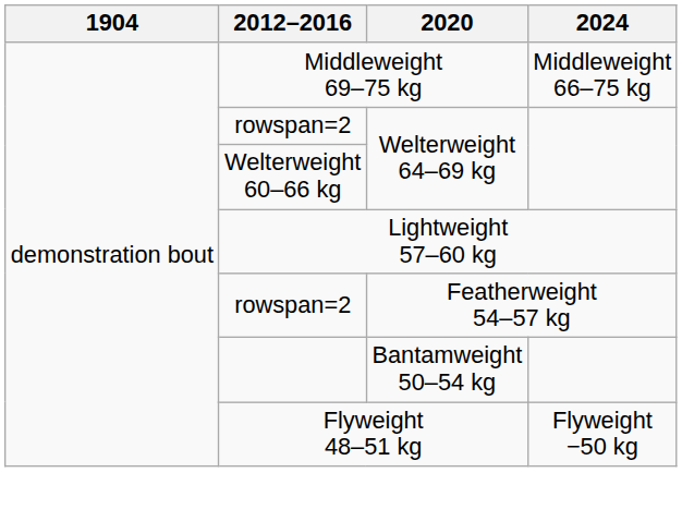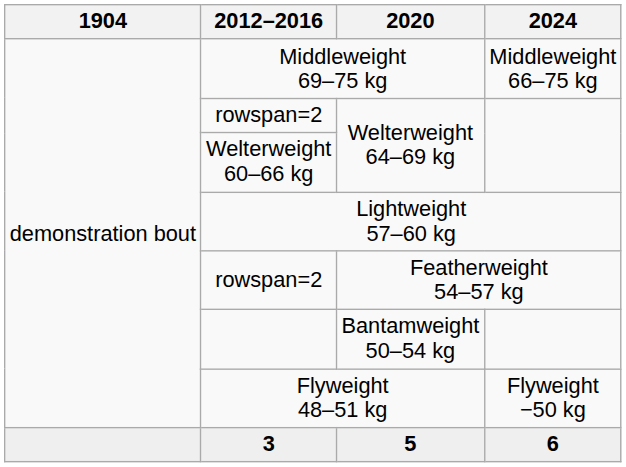 <table class="wikitable sticky-header" style="text-align:center">
 <tr>
 <th scope="col">1904</th>
 <th scope="col">2012–2016</th>
 <th scope="col">2020</th>
 <th scope="col">2024</th>
 </tr>
 <tr>
 <td rowspan=8>demonstration bout</td>
 <td colspan=2>Middleweight<br>69–75 kg</td>
 <td>Middleweight<br>66–75 kg</td>
 </tr>
 <tr>
 <td>rowspan=2</td>
 <td rowspan=2>Welterweight<br>64–69 kg</td>
 </tr>
 <tr>
 <td>Welterweight<br>60–66 kg</td>
 </tr>
 <tr>
 <td colspan=3>Lightweight<br>57–60 kg</td>
 </tr>
 <tr>
 <td>rowspan=2</td>
 <td colspan=2>Featherweight<br>54–57 kg</td>
 </tr>
 <tr>
 <td></td>
 <td>Bantamweight<br>50–54 kg</td>
 </tr>
 <tr>
 <td rowspan=2 colspan=2>Flyweight<br>48–51 kg</td>
 </tr>
 <tr>
 <td>Flyweight<br>−50 kg</td>
 </tr>
+<tr style="background:#efefef; font-weight:bold;">
+<td></td>
+<td>3</td>
+<td>5</td>
+<td>6</td>
+</tr>
 </table>
